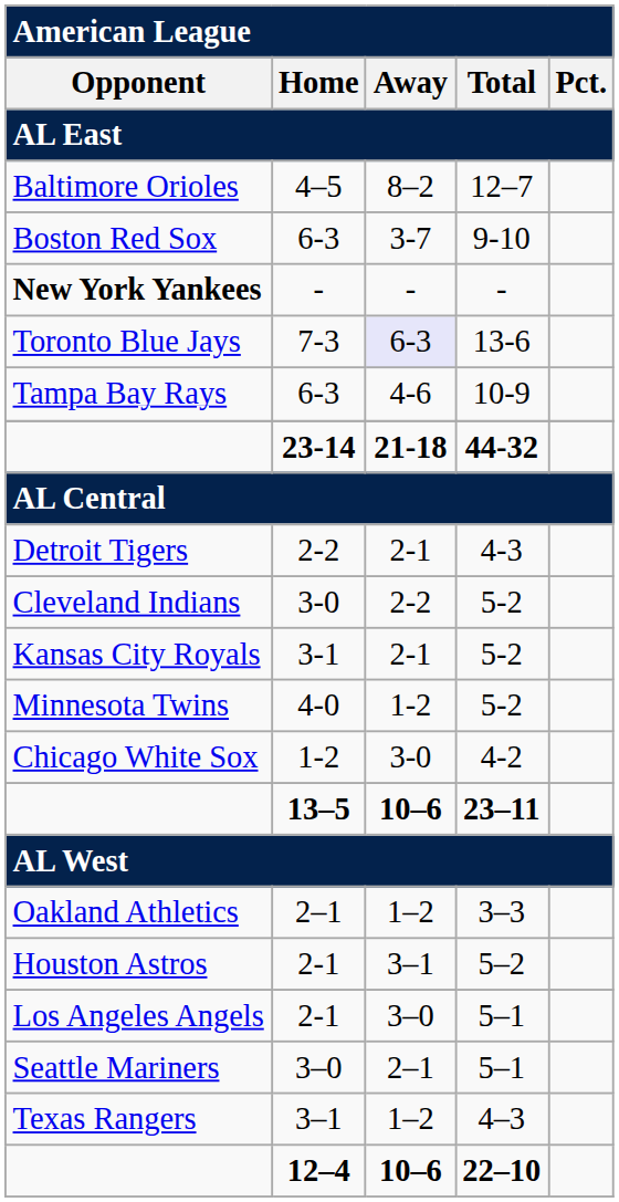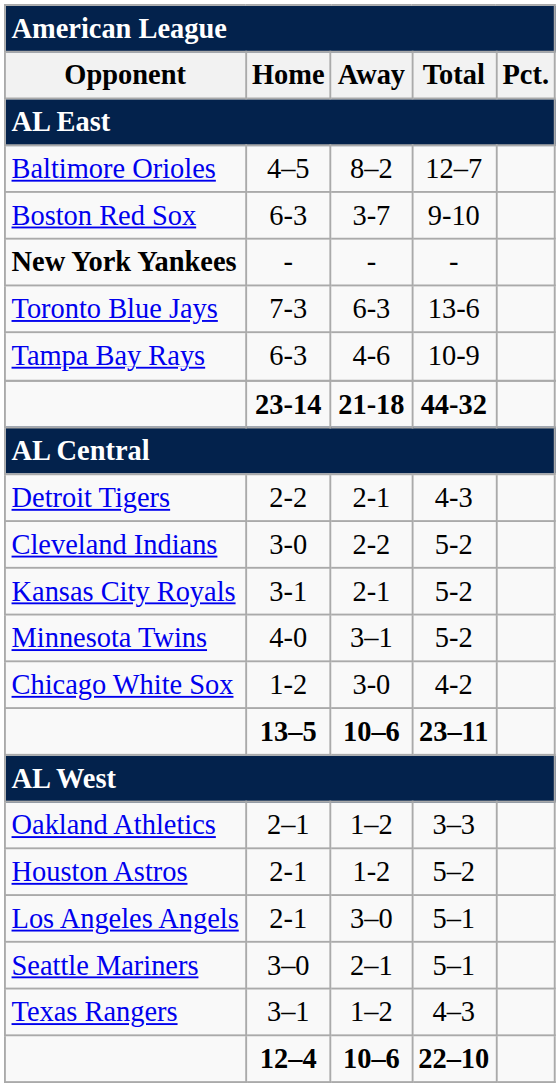 <table class="wikitable" style="font-size: 95%; text-align: center">
 <tr>
 <td colspan="7" style="text-align:left; background:#03224c;color:#fff"><strong>American League</strong></td>
 </tr>
 <tr>
 <th>Opponent</th>
 <th>Home</th>
 <th>Away</th>
 <th>Total</th>
 <th>Pct.</th>
 </tr>
 <tr>
 <td colspan="7" style="text-align:left; background:#03224c;color:#fff"><strong>AL East</strong></td>
 </tr>
 <tr>
 <td style="text-align:left"><a href='#'>Baltimore Orioles</a></td>
 <td>4–5</td>
 <td>8–2</td>
 <td>12–7</td>
 <td></td>
 </tr>
 <tr>
 <td style="text-align:left"><a href='#'>Boston Red Sox</a></td>
 <td>6-3</td>
 <td>3-7</td>
 <td>9-10</td>
 <td></td>
 </tr>
 <tr>
 <td style="text-align:left"><strong>New York Yankees</strong></td>
 <td>-</td>
 <td>-</td>
 <td>-</td>
 <td></td>
 </tr>
 <tr>
 <td style="text-align:left"><a href='#'>Toronto Blue Jays</a></td>
 <td>7-3</td>
-<td style="background: lavender;">6-3</td>
+<td>6-3</td>
 <td>13-6</td>
 <td></td>
 </tr>
 <tr>
 <td style="text-align:left"><a href='#'>Tampa Bay Rays</a></td>
 <td>6-3</td>
 <td>4-6</td>
 <td>10-9</td>
 <td></td>
 </tr>
 <tr>
 </tr>
 <tr style="font-weight:bold">
 <td></td>
 <td>23-14</td>
 <td>21-18</td>
 <td>44-32</td>
 <td></td>
 </tr>
 <tr>
 <td colspan="7" style="text-align:left; background:#03224c;color:#fff"><strong>AL Central</strong></td>
 </tr>
 <tr>
 <td style="text-align:left"><a href='#'>Detroit Tigers</a></td>
 <td>2-2</td>
 <td>2-1</td>
 <td>4-3</td>
 <td></td>
 </tr>
 <tr>
 <td style="text-align:left"><a href='#'>Cleveland Indians</a></td>
 <td>3-0</td>
 <td>2-2</td>
 <td>5-2</td>
 <td></td>
 </tr>
 <tr>
 <td style="text-align:left"><a href='#'>Kansas City Royals</a></td>
 <td>3-1</td>
 <td>2-1</td>
 <td>5-2</td>
 <td></td>
 </tr>
 <tr>
 <td style="text-align:left"><a href='#'>Minnesota Twins</a></td>
 <td>4-0</td>
-<td>1-2</td>
+<td>3–1</td>
 <td>5-2</td>
 <td></td>
 </tr>
 <tr>
 <td style="text-align:left"><a href='#'>Chicago White Sox</a></td>
 <td>1-2</td>
 <td>3-0</td>
 <td>4-2</td>
 <td></td>
 </tr>
 <tr style="font-weight:bold">
 <td></td>
 <td>13–5</td>
 <td>10–6</td>
 <td>23–11</td>
 <td></td>
 </tr>
 <tr>
 <td colspan="7" style="text-align:left; background:#03224c;color:#fff"><strong>AL West</strong></td>
 </tr>
 <tr>
 <td style="text-align:left"><a href='#'>Oakland Athletics</a></td>
 <td>2–1</td>
 <td>1–2</td>
 <td>3–3</td>
 <td></td>
 </tr>
 <tr>
 <td style="text-align:left"><a href='#'>Houston Astros</a></td>
 <td>2-1</td>
-<td>3–1</td>
+<td>1-2</td>
 <td>5–2</td>
 <td></td>
 </tr>
 <tr>
 <td style="text-align:left"><a href='#'>Los Angeles Angels</a></td>
 <td>2-1</td>
 <td>3–0</td>
 <td>5–1</td>
 <td></td>
 </tr>
 <tr>
 <td style="text-align:left"><a href='#'>Seattle Mariners</a></td>
 <td>3–0</td>
 <td>2–1</td>
 <td>5–1</td>
 <td></td>
 </tr>
 <tr>
 <td style="text-align:left"><a href='#'>Texas Rangers</a></td>
 <td>3–1</td>
 <td>1–2</td>
 <td>4–3</td>
 <td></td>
 </tr>
 <tr style="font-weight:bold">
 <td></td>
 <td>12–4</td>
 <td>10–6</td>
 <td>22–10</td>
 <td></td>
 </tr>
 </table>
